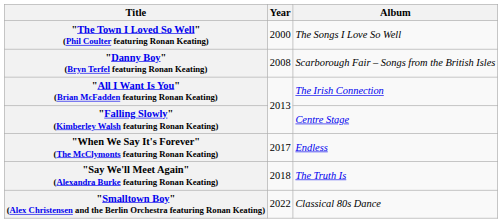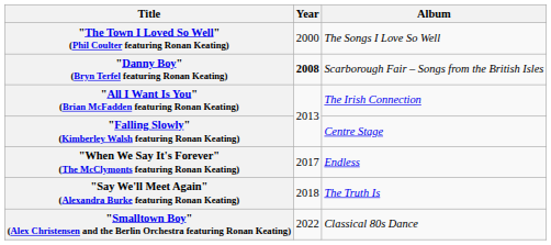 <table class="wikitable plainrowheaders">
 <tr>
 <th scope="col">Title</th>
 <th scope="col">Year</th>
 <th scope="col">Album</th>
 </tr>
 <tr>
 <th scope="row">"<a href='#'>The Town I Loved So Well</a>" <br><small>(<a href='#'>Phil Coulter</a> featuring Ronan Keating)</small></th>
 <td>2000</td>
 <td><em>The Songs I Love So Well</em></td>
 </tr>
 <tr>
 <th scope="row">"<a href='#'>Danny Boy</a>" <br><small>(<a href='#'>Bryn Terfel</a> featuring Ronan Keating)</small></th>
-<td>2008</td>
+<td><strong>2008</strong></td>
 <td><em>Scarborough Fair – Songs from the British Isles</em></td>
 </tr>
 <tr>
 <th scope="row">"<a href='#'>All I Want Is You</a>" <br><small>(<a href='#'>Brian McFadden</a> featuring Ronan Keating)</small></th>
 <td rowspan="2">2013</td>
 <td><em><a href='#'>The Irish Connection</a></em></td>
 </tr>
 <tr>
 <th scope="row">"<a href='#'>Falling Slowly</a>" <br><small>(<a href='#'>Kimberley Walsh</a> featuring Ronan Keating)</small></th>
 <td><em><a href='#'>Centre Stage</a></em></td>
 </tr>
 <tr>
 <th scope="row">"When We Say It's Forever" <br><small>(<a href='#'>The McClymonts</a> featuring Ronan Keating)</small></th>
 <td>2017</td>
 <td><em><a href='#'>Endless</a></em></td>
 </tr>
 <tr>
 <th scope="row">"Say We'll Meet Again" <br><small>(<a href='#'>Alexandra Burke</a> featuring Ronan Keating)</small></th>
 <td>2018</td>
 <td><em><a href='#'>The Truth Is</a></em></td>
 </tr>
 <tr>
 <th scope="row">"<a href='#'>Smalltown Boy</a>" <br><small>(<a href='#'>Alex Christensen</a> and the Berlin Orchestra featuring Ronan Keating)</small></th>
 <td>2022</td>
 <td><em>Classical 80s Dance</em></td>
 </tr>
 </table>
